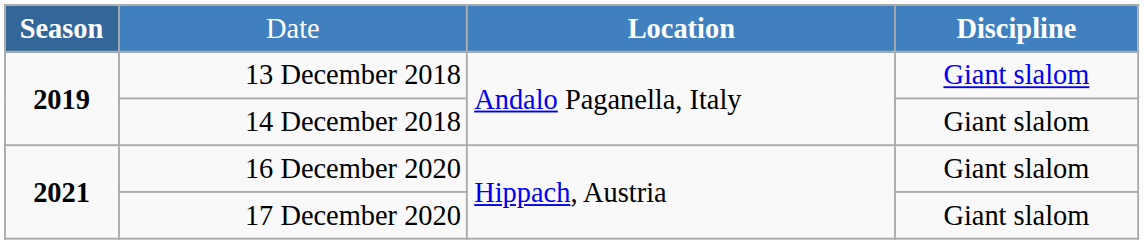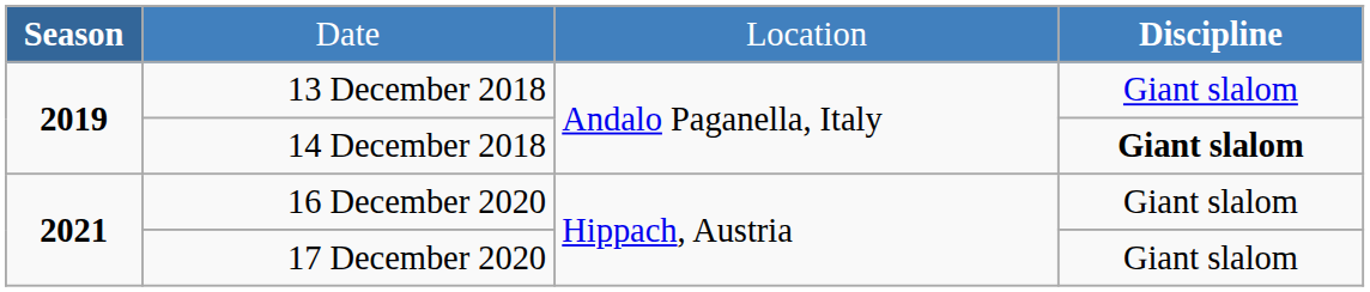 <table class="wikitable"  style="font-size:95%; text-align:center; border:gray solid 1px; width:48%;">
 <tr style="background:#369; color:white;">
 <td rowspan="2" style="width:10%;"><strong>Season</strong></td>
 </tr>
 <tr style="background:#4180be; color:white;">
 <td>Date</td>
-<td><strong>Location</strong></td>
+<td>Location</td>
 <td><strong>Discipline</strong></td>
 </tr>
 <tr>
 <td rowspan=2><strong>2019</strong></td>
 <td align=right>13 December 2018</td>
 <td align=left rowspan=2> <a href='#'>Andalo</a> Paganella, Italy</td>
 <td><a href='#'>Giant slalom</a></td>
 </tr>
 <tr>
 <td align=right>14 December 2018</td>
-<td>Giant slalom</td>
+<td><strong>Giant slalom</strong></td>
 </tr>
 <tr>
 <td rowspan=2><strong>2021</strong></td>
 <td align=right>16 December 2020</td>
 <td align=left rowspan=2> <a href='#'>Hippach</a>, Austria</td>
 <td>Giant slalom</td>
 </tr>
 <tr>
 <td align=right>17 December 2020</td>
 <td>Giant slalom</td>
 </tr>
 </table>
